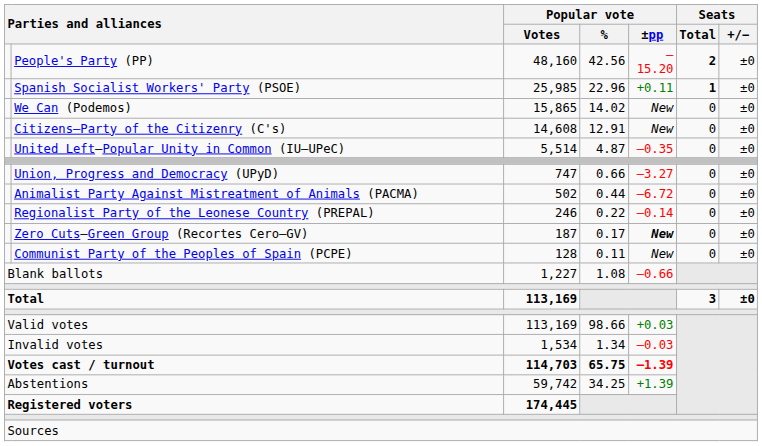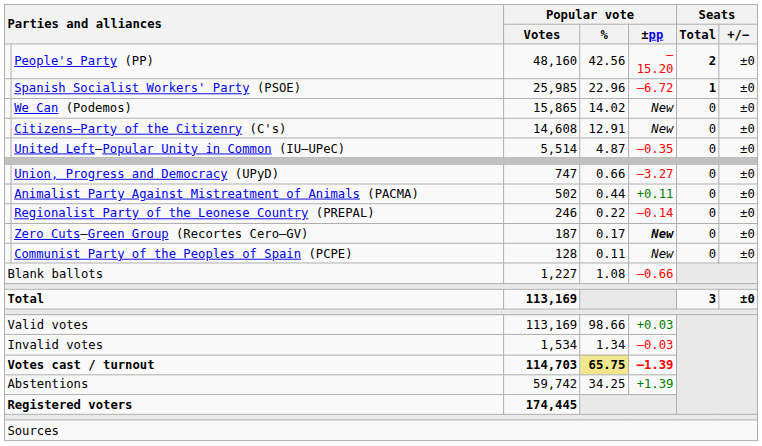 <table class="wikitable" style="text-align:right;">
 <tr>
 <th style="text-align:left;" rowspan="2" colspan="2" width="525">Parties and alliances</th>
 <th colspan="3">Popular vote</th>
 <th colspan="2">Seats</th>
 </tr>
 <tr>
 <th width="75">Votes</th>
 <th width="45">%</th>
 <th width="45">±<a href='#'>pp</a></th>
 <th width="35">Total</th>
 <th width="35">+/−</th>
 </tr>
 <tr>
 <td width="1" style="color:inherit;background:"></td>
 <td align="left"><a href='#'>People's Party</a> (PP)</td>
 <td>48,160</td>
 <td>42.56</td>
 <td style="color:red;">–15.20</td>
 <td><strong>2</strong></td>
 <td>±0</td>
 </tr>
 <tr>
 <td style="color:inherit;background:"></td>
 <td align="left"><a href='#'>Spanish Socialist Workers' Party</a> (PSOE)</td>
 <td>25,985</td>
 <td>22.96</td>
-<td style="color:green;">+0.11</td>
+<td style="color:red;">–6.72</td>
 <td><strong>1</strong></td>
 <td>±0</td>
 </tr>
 <tr>
 <td style="color:inherit;background:"></td>
 <td align="left"><a href='#'>We Can</a> (Podemos)</td>
 <td>15,865</td>
 <td>14.02</td>
 <td><em>New</em></td>
 <td>0</td>
 <td>±0</td>
 </tr>
 <tr>
 <td style="color:inherit;background:"></td>
 <td align="left"><a href='#'>Citizens–Party of the Citizenry</a> (C's)</td>
 <td>14,608</td>
 <td>12.91</td>
 <td><em>New</em></td>
 <td>0</td>
 <td>±0</td>
 </tr>
 <tr>
 <td style="color:inherit;background:"></td>
 <td align="left"><a href='#'>United Left</a>–<a href='#'>Popular Unity in Common</a> (IU–UPeC)</td>
 <td>5,514</td>
 <td>4.87</td>
 <td style="color:red;">–0.35</td>
 <td>0</td>
 <td>±0</td>
 </tr>
 <tr>
 <td colspan="7" bgcolor="#C0C0C0"></td>
 </tr>
 <tr>
 <td style="color:inherit;background:"></td>
 <td align="left"><a href='#'>Union, Progress and Democracy</a> (UPyD)</td>
 <td>747</td>
 <td>0.66</td>
 <td style="color:red;">–3.27</td>
 <td>0</td>
 <td>±0</td>
 </tr>
 <tr>
 <td style="color:inherit;background:"></td>
 <td align="left"><a href='#'>Animalist Party Against Mistreatment of Animals</a> (PACMA)</td>
 <td>502</td>
 <td>0.44</td>
-<td style="color:red;">–6.72</td>
+<td style="color:green;">+0.11</td>
 <td>0</td>
 <td>±0</td>
 </tr>
 <tr>
 <td style="color:inherit;background:"></td>
 <td align="left"><a href='#'>Regionalist Party of the Leonese Country</a> (PREPAL)</td>
 <td>246</td>
 <td>0.22</td>
 <td style="color:red;">–0.14</td>
 <td>0</td>
 <td>±0</td>
 </tr>
 <tr>
 <td style="color:inherit;background:"></td>
 <td align="left"><a href='#'>Zero Cuts</a>–<a href='#'>Green Group</a> (Recortes Cero–GV)</td>
 <td>187</td>
 <td>0.17</td>
 <td><strong><em>New</em></strong></td>
 <td>0</td>
 <td>±0</td>
 </tr>
 <tr>
 <td style="color:inherit;background:"></td>
 <td align="left"><a href='#'>Communist Party of the Peoples of Spain</a> (PCPE)</td>
 <td>128</td>
 <td>0.11</td>
 <td><em>New</em></td>
 <td>0</td>
 <td>±0</td>
 </tr>
 <tr>
 <td align="left" colspan="2">Blank ballots</td>
 <td>1,227</td>
 <td>1.08</td>
 <td style="color:red;">–0.66</td>
 <td bgcolor="#E9E9E9" colspan="2"></td>
 </tr>
 <tr>
 <td colspan="7" bgcolor="#E9E9E9"></td>
 </tr>
 <tr style="font-weight:bold;">
 <td align="left" colspan="2">Total</td>
 <td>113,169</td>
 <td bgcolor="#E9E9E9" colspan="2"></td>
 <td>3</td>
 <td>±0</td>
 </tr>
 <tr>
 <td colspan="7" bgcolor="#E9E9E9"></td>
 </tr>
 <tr>
 <td align="left" colspan="2">Valid votes</td>
 <td>113,169</td>
 <td>98.66</td>
 <td style="color:green;">+0.03</td>
 <td bgcolor="#E9E9E9" colspan="2" rowspan="5"></td>
 </tr>
 <tr>
 <td align="left" colspan="2">Invalid votes</td>
 <td>1,534</td>
 <td>1.34</td>
 <td style="color:red;">–0.03</td>
 </tr>
 <tr style="font-weight:bold;">
 <td align="left" colspan="2">Votes cast / turnout</td>
 <td>114,703</td>
-<td>65.75</td>
+<td style="background: khaki;">65.75</td>
 <td style="color:red;">–1.39</td>
 </tr>
 <tr>
 <td align="left" colspan="2">Abstentions</td>
 <td>59,742</td>
 <td>34.25</td>
 <td style="color:green;">+1.39</td>
 </tr>
 <tr style="font-weight:bold;">
 <td align="left" colspan="2">Registered voters</td>
 <td>174,445</td>
 <td bgcolor="#E9E9E9" colspan="2"></td>
 </tr>
 <tr>
 <td colspan="7" bgcolor="#E9E9E9"></td>
 </tr>
 <tr>
 <td align="left" colspan="7">Sources</td>
 </tr>
 </table>
